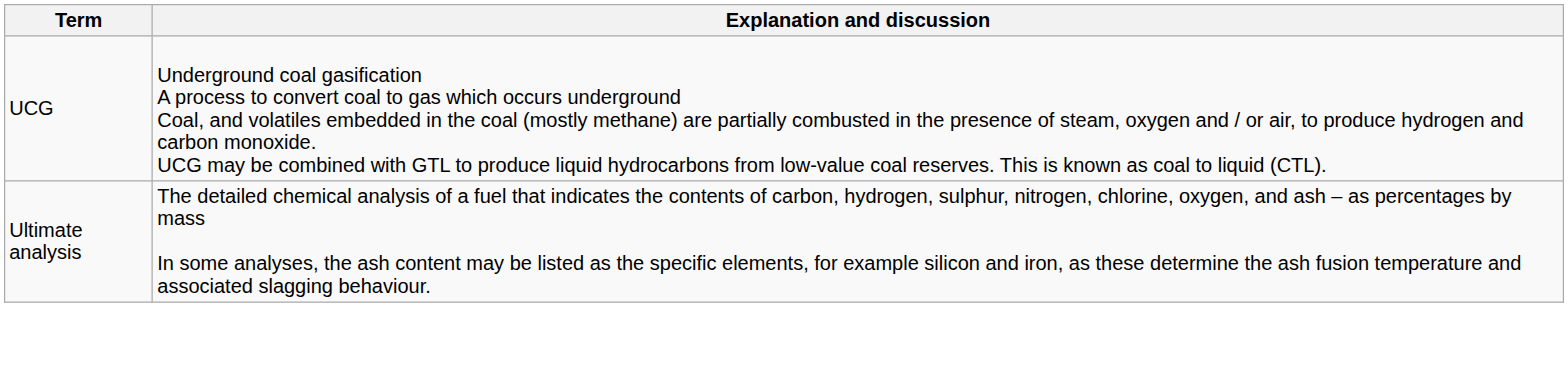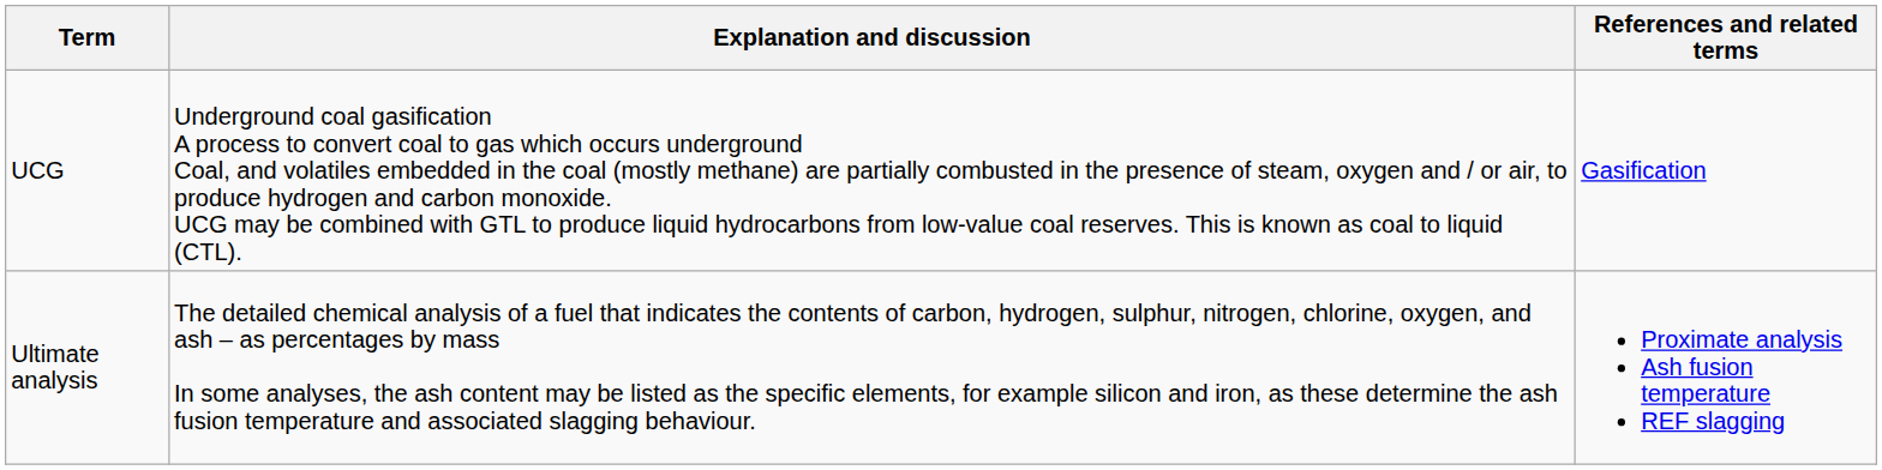 <table class="wikitable">
 <tr>
 <th>Term</th>
 <th>Explanation and discussion</th>
+<th>References and related terms</th>
 </tr>
 <tr>
 <td>UCG</td>
 <td><br>Underground coal gasification<br> A process to convert coal to gas which occurs underground<br> Coal, and volatiles embedded in the coal (mostly methane) are partially combusted in the presence of steam, oxygen and / or air, to produce hydrogen and carbon monoxide.<br> UCG may be combined with GTL to produce liquid hydrocarbons from low-value coal reserves.  This is known as coal to liquid (CTL).</td>
+<td><a href='#'>Gasification</a></td>
 </tr>
 <tr>
 <td>Ultimate analysis</td>
 <td>The detailed chemical analysis of a fuel that indicates the contents of carbon, hydrogen, sulphur, nitrogen, chlorine, oxygen, and ash – as percentages by mass<br><br>In some analyses, the ash content may be listed as the specific elements, for example silicon and iron, as these determine the ash fusion temperature and associated slagging behaviour.</td>
+<td><br><ul><li><a href='#'>Proximate analysis</a></li><li><a href='#'>Ash fusion temperature</a></li><li><a href='#'>REF slagging</a></li></ul></td>
 </tr>
 </table>
